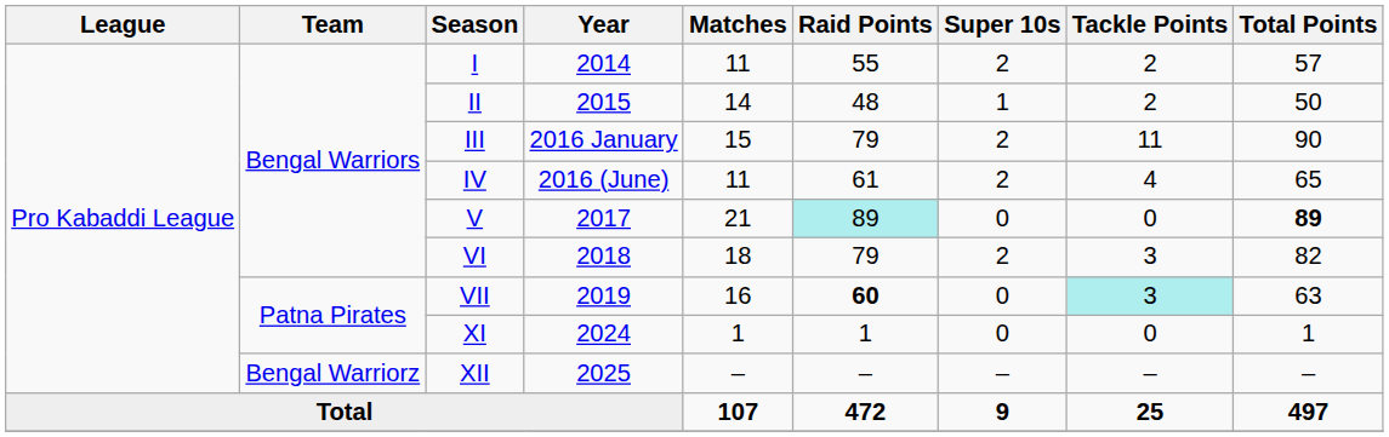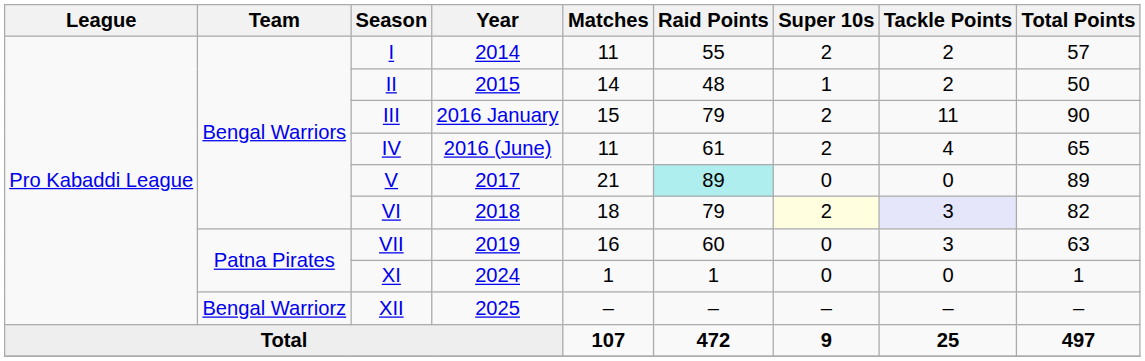 <table class="wikitable" style="text-align: center;">
 <tr>
 <th>League</th>
 <th>Team</th>
 <th>Season</th>
 <th>Year</th>
 <th>Matches</th>
 <th>Raid Points</th>
 <th>Super 10s</th>
 <th>Tackle Points</th>
 <th>Total Points</th>
 </tr>
 <tr>
 <td rowspan="9"><a href='#'>Pro Kabaddi League</a></td>
 <td rowspan="6"><a href='#'>Bengal Warriors</a></td>
 <td style="text-align:center"><a href='#'>I</a></td>
 <td><a href='#'>2014</a></td>
 <td>11</td>
 <td>55</td>
 <td>2</td>
 <td>2</td>
 <td>57</td>
 </tr>
 <tr>
 <td style="text-align:center"><a href='#'>II</a></td>
 <td><a href='#'>2015</a></td>
 <td>14</td>
 <td>48</td>
 <td>1</td>
 <td>2</td>
 <td>50</td>
 </tr>
 <tr>
 <td style="text-align:center"><a href='#'>III</a></td>
 <td><a href='#'>2016 January</a></td>
 <td>15</td>
 <td>79</td>
 <td>2</td>
 <td>11</td>
 <td>90</td>
 </tr>
 <tr>
 <td style="text-align:center"><a href='#'>IV</a></td>
 <td><a href='#'>2016 (June)</a></td>
 <td>11</td>
 <td>61</td>
 <td>2</td>
 <td>4</td>
 <td>65</td>
 </tr>
 <tr>
 <td style="text-align:center"><a href='#'>V</a></td>
 <td><a href='#'>2017</a></td>
 <td>21</td>
 <td style="background: paleturquoise;">89</td>
 <td>0</td>
 <td>0</td>
-<td><strong>89</strong></td>
+<td>89</td>
 </tr>
 <tr>
 <td style="text-align:center"><a href='#'>VI</a></td>
 <td><a href='#'>2018</a></td>
 <td>18</td>
 <td>79</td>
-<td>2</td>
-<td>3</td>
+<td style="background: lightyellow;">2</td>
+<td style="background: lavender;">3</td>
 <td>82</td>
 </tr>
 <tr>
 <td rowspan="2"><a href='#'>Patna Pirates</a></td>
 <td style="text-align:center"><a href='#'>VII</a></td>
 <td><a href='#'>2019</a></td>
 <td>16</td>
-<td><strong>60</strong></td>
+<td>60</td>
 <td>0</td>
-<td style="background: paleturquoise;">3</td>
+<td>3</td>
 <td>63</td>
 </tr>
 <tr>
 <td><a href='#'>XI</a></td>
 <td><a href='#'>2024</a></td>
 <td>1</td>
 <td>1</td>
 <td>0</td>
 <td>0</td>
 <td>1</td>
 </tr>
 <tr>
 <td><a href='#'>Bengal Warriorz</a></td>
 <td><a href='#'>XII</a></td>
 <td><a href='#'>2025</a></td>
 <td>–</td>
 <td>–</td>
 <td>–</td>
 <td>–</td>
 <td>–</td>
 </tr>
 <tr>
 <td colspan="4" style="text-align:center; background:#eee"><strong>Total</strong></td>
 <td><strong>107</strong></td>
 <td><strong>472</strong></td>
 <td><strong>9</strong></td>
 <td><strong>25</strong></td>
 <td><strong>497</strong></td>
 </tr>
 <tr>
 </tr>
 </table>
